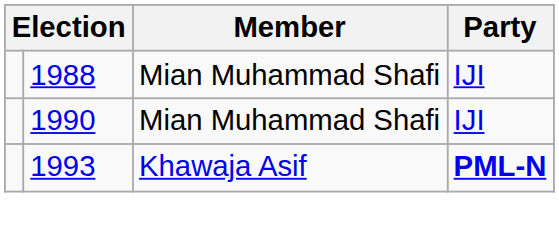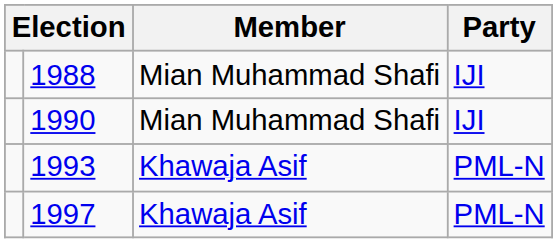 <table class="wikitable">
 <tr>
 <th colspan="2">Election</th>
 <th>Member</th>
 <th>Party</th>
 </tr>
 <tr>
 <td style="background-color: "></td>
 <td><a href='#'>1988</a></td>
 <td>Mian Muhammad Shafi</td>
 <td><a href='#'>IJI</a></td>
 </tr>
 <tr>
 <td style="background-color: "></td>
 <td><a href='#'>1990</a></td>
 <td>Mian Muhammad Shafi</td>
 <td><a href='#'>IJI</a></td>
 </tr>
 <tr>
 <td style="background-color: "></td>
 <td><a href='#'>1993</a></td>
 <td><a href='#'>Khawaja Asif</a></td>
-<td><strong><a href='#'>PML-N</a></strong></td>
+<td><a href='#'>PML-N</a></td>
+</tr>
+<tr>
+<td style="background-color: "></td>
+<td><a href='#'>1997</a></td>
+<td><a href='#'>Khawaja Asif</a></td>
+<td><a href='#'>PML-N</a></td>
 </tr>
 </table>
